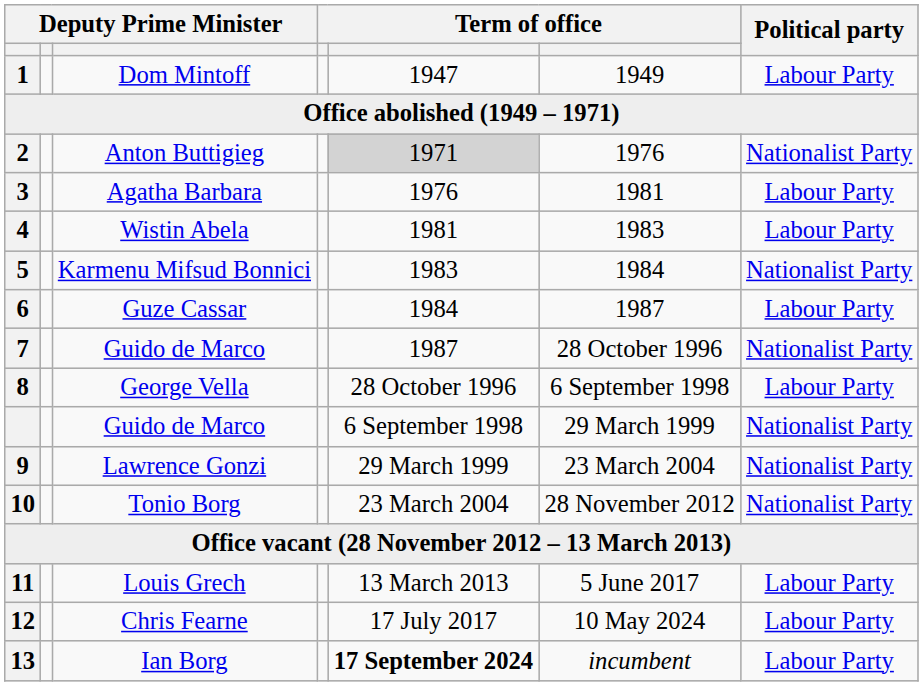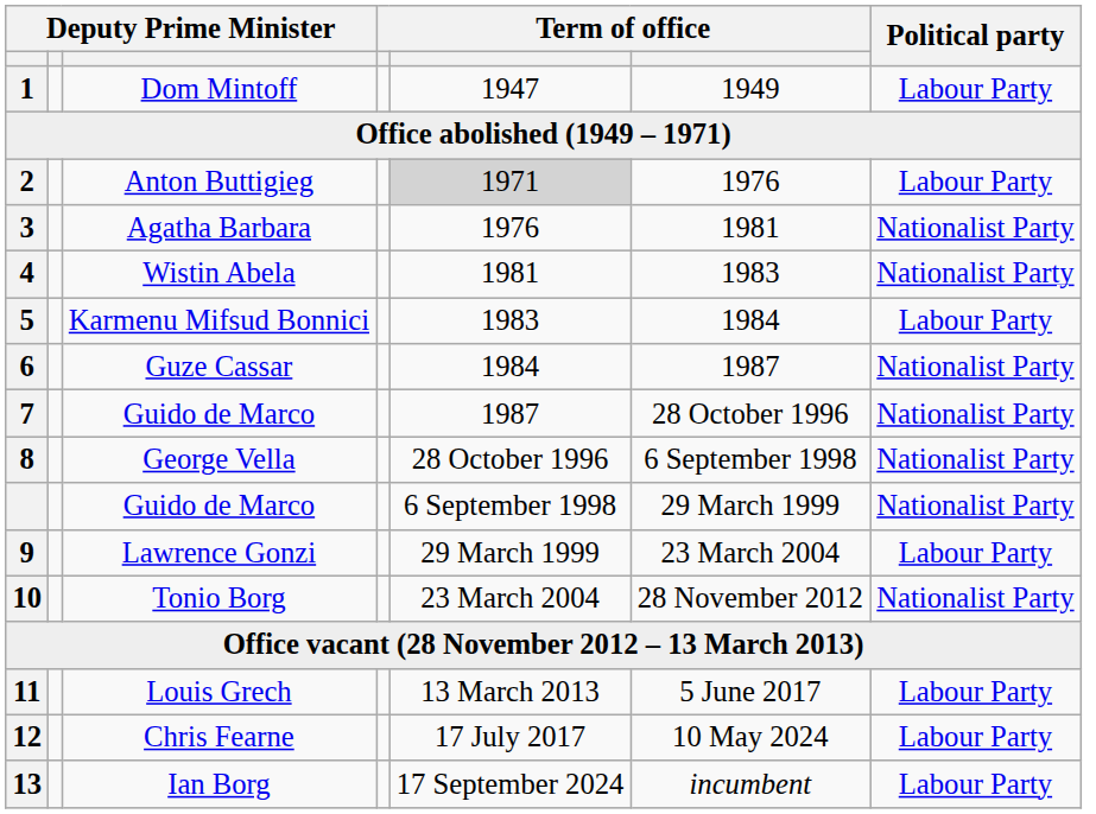 <table class="wikitable" style="text-align:center">
 <tr>
 <th colspan=3>Deputy Prime Minister</th>
 <th colspan=3>Term of office</th>
 <th rowspan=2>Political party</th>
 </tr>
 <tr>
 <th></th>
 <th></th>
 <th></th>
 <th></th>
 <th></th>
 <th></th>
 </tr>
 <tr>
 <th style="background:">1</th>
 <td></td>
 <td><a href='#'>Dom Mintoff</a><br></td>
 <td></td>
 <td>1947</td>
 <td>1949</td>
 <td><a href='#'>Labour Party</a></td>
 </tr>
 <tr style="background:#eee;">
 <td colspan=7><strong>Office abolished (1949 – 1971)</strong></td>
 </tr>
 <tr>
 <th style="background:">2</th>
 <td></td>
 <td><a href='#'>Anton Buttigieg</a><br></td>
 <td></td>
 <td style="background: lightgrey;">1971</td>
 <td>1976</td>
-<td><a href='#'>Nationalist Party</a></td>
+<td><a href='#'>Labour Party</a></td>
 </tr>
 <tr>
 <th style="background:">3</th>
 <td></td>
 <td><a href='#'>Agatha Barbara</a><br></td>
 <td></td>
 <td>1976</td>
 <td>1981</td>
-<td><a href='#'>Labour Party</a></td>
+<td><a href='#'>Nationalist Party</a></td>
 </tr>
 <tr>
 <th style="background:">4</th>
 <td></td>
 <td><a href='#'>Wistin Abela</a><br></td>
 <td></td>
 <td>1981</td>
 <td>1983</td>
-<td><a href='#'>Labour Party</a></td>
+<td><a href='#'>Nationalist Party</a></td>
 </tr>
 <tr>
 <th style="background:">5</th>
 <td></td>
 <td><a href='#'>Karmenu Mifsud Bonnici</a><br></td>
 <td></td>
 <td>1983</td>
 <td>1984</td>
-<td><a href='#'>Nationalist Party</a></td>
+<td><a href='#'>Labour Party</a></td>
 </tr>
 <tr>
 <th style="background:">6</th>
 <td></td>
 <td><a href='#'>Guze Cassar</a><br></td>
 <td></td>
 <td>1984</td>
 <td>1987</td>
-<td><a href='#'>Labour Party</a></td>
+<td><a href='#'>Nationalist Party</a></td>
 </tr>
 <tr>
 <th style="background:">7</th>
 <td></td>
 <td><a href='#'>Guido de Marco</a><br></td>
 <td></td>
 <td>1987</td>
 <td>28 October 1996</td>
 <td><a href='#'>Nationalist Party</a></td>
 </tr>
 <tr>
 <th style="background:">8</th>
 <td></td>
 <td><a href='#'>George Vella</a><br></td>
 <td></td>
 <td>28 October 1996</td>
 <td>6 September 1998</td>
-<td><a href='#'>Labour Party</a></td>
+<td><a href='#'>Nationalist Party</a></td>
 </tr>
 <tr>
 <th style="background:"></th>
 <td></td>
 <td><a href='#'>Guido de Marco</a><br></td>
 <td></td>
 <td>6 September 1998</td>
 <td>29 March 1999</td>
 <td><a href='#'>Nationalist Party</a></td>
 </tr>
 <tr>
 <th style="background:">9</th>
 <td></td>
 <td><a href='#'>Lawrence Gonzi</a><br></td>
 <td></td>
 <td>29 March 1999</td>
 <td>23 March 2004</td>
-<td><a href='#'>Nationalist Party</a></td>
+<td><a href='#'>Labour Party</a></td>
 </tr>
 <tr>
 <th style="background:">10</th>
 <td></td>
 <td><a href='#'>Tonio Borg</a><br></td>
 <td></td>
 <td>23 March 2004</td>
 <td>28 November 2012</td>
 <td><a href='#'>Nationalist Party</a></td>
 </tr>
 <tr style="background:#eee;">
 <td colspan=7><strong>Office vacant (28 November 2012 – 13 March 2013)</strong></td>
 </tr>
 <tr>
 <th style="background:">11</th>
 <td></td>
 <td><a href='#'>Louis Grech</a><br></td>
 <td></td>
 <td>13 March 2013</td>
 <td>5 June 2017</td>
 <td><a href='#'>Labour Party</a></td>
 </tr>
 <tr>
 <th style="background:">12</th>
 <td></td>
 <td><a href='#'>Chris Fearne</a><br></td>
 <td></td>
 <td>17 July 2017</td>
 <td>10 May 2024</td>
 <td><a href='#'>Labour Party</a></td>
 </tr>
 <tr>
 <th style="background:">13</th>
 <td></td>
 <td><a href='#'>Ian Borg</a><br></td>
 <td></td>
-<td><strong>17 September 2024</strong></td>
+<td>17 September 2024</td>
 <td><em>incumbent</em></td>
 <td><a href='#'>Labour Party</a></td>
 </tr>
 </table>
